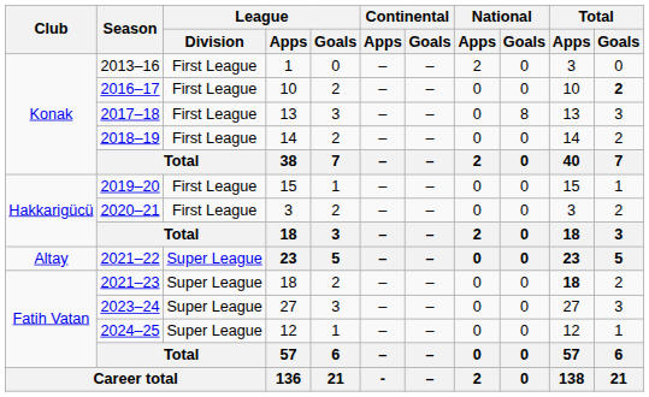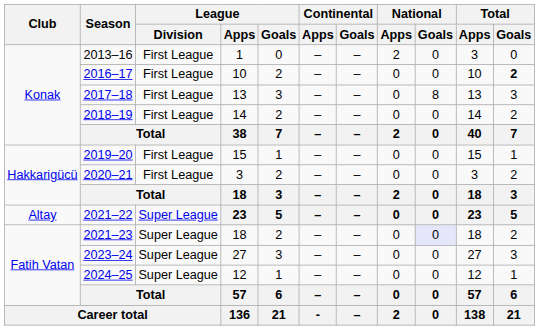 <table class="wikitable" style="text-align: center;">
 <tr>
 <th rowspan=2>Club</th>
 <th rowspan=2>Season</th>
 <th colspan=3>League</th>
 <th colspan=2>Continental</th>
 <th colspan=2>National</th>
 <th colspan=2>Total</th>
 </tr>
 <tr>
 <th>Division</th>
 <th>Apps</th>
 <th>Goals</th>
 <th>Apps</th>
 <th>Goals</th>
 <th>Apps</th>
 <th>Goals</th>
 <th>Apps</th>
 <th>Goals</th>
 </tr>
 <tr>
 <td rowspan=5><a href='#'>Konak</a></td>
 <td>2013–16</td>
 <td>First League</td>
 <td>1</td>
 <td>0</td>
 <td>–</td>
 <td>–</td>
 <td>2</td>
 <td>0</td>
 <td>3</td>
 <td>0</td>
 </tr>
 <tr>
 <td><a href='#'>2016–17</a></td>
 <td>First League</td>
 <td>10</td>
 <td>2</td>
 <td>–</td>
 <td>–</td>
 <td>0</td>
 <td>0</td>
 <td>10</td>
 <td><strong>2</strong></td>
 </tr>
 <tr>
 <td><a href='#'>2017–18</a></td>
 <td>First League</td>
 <td>13</td>
 <td>3</td>
 <td>–</td>
 <td>–</td>
 <td>0</td>
 <td>8</td>
 <td>13</td>
 <td>3</td>
 </tr>
 <tr>
 <td><a href='#'>2018–19</a></td>
 <td>First League</td>
 <td>14</td>
 <td>2</td>
 <td>–</td>
 <td>–</td>
 <td>0</td>
 <td>0</td>
 <td>14</td>
 <td>2</td>
 </tr>
 <tr>
 <th colspan=2>Total</th>
 <th>38</th>
 <th>7</th>
 <th>–</th>
 <th>–</th>
 <th>2</th>
 <th>0</th>
 <th>40</th>
 <th>7</th>
 </tr>
 <tr>
 <td rowspan=3><a href='#'>Hakkarigücü</a></td>
 <td><a href='#'>2019–20</a></td>
 <td>First League</td>
 <td>15</td>
 <td>1</td>
 <td>–</td>
 <td>–</td>
 <td>0</td>
 <td>0</td>
 <td>15</td>
 <td>1</td>
 </tr>
 <tr>
 <td><a href='#'>2020–21</a></td>
 <td>First League</td>
 <td>3</td>
 <td>2</td>
 <td>–</td>
 <td>–</td>
 <td>0</td>
 <td>0</td>
 <td>3</td>
 <td>2</td>
 </tr>
 <tr>
 <th colspan=2>Total</th>
 <th>18</th>
 <th>3</th>
 <th>–</th>
 <th>–</th>
 <th>2</th>
 <th>0</th>
 <th>18</th>
 <th>3</th>
 </tr>
 <tr>
 <td><a href='#'>Altay</a></td>
 <td><a href='#'>2021–22</a></td>
 <td><a href='#'>Super League</a></td>
 <th>23</th>
 <th>5</th>
 <th>–</th>
 <th>–</th>
 <th>0</th>
 <th>0</th>
 <th>23</th>
 <th>5</th>
 </tr>
 <tr>
 <td rowspan=4><a href='#'>Fatih Vatan</a></td>
 <td><a href='#'>2021–23</a></td>
 <td>Super League</td>
 <td>18</td>
 <td>2</td>
 <td>–</td>
 <td>–</td>
 <td>0</td>
-<td>0</td>
-<td><strong>18</strong></td>
+<td style="background: lavender;">0</td>
+<td>18</td>
 <td>2</td>
 </tr>
 <tr>
 <td><a href='#'>2023–24</a></td>
 <td>Super League</td>
 <td>27</td>
 <td>3</td>
 <td>–</td>
 <td>–</td>
 <td>0</td>
 <td>0</td>
 <td>27</td>
 <td>3</td>
 </tr>
 <tr>
 <td><a href='#'>2024–25</a></td>
 <td>Super League</td>
 <td>12</td>
 <td>1</td>
 <td>–</td>
 <td>–</td>
 <td>0</td>
 <td>0</td>
 <td>12</td>
 <td>1</td>
 </tr>
 <tr>
 <th colspan=2>Total</th>
 <th>57</th>
 <th>6</th>
 <th>–</th>
 <th>–</th>
 <th>0</th>
 <th>0</th>
 <th>57</th>
 <th>6</th>
 </tr>
 <tr>
 <th colspan=3>Career total</th>
 <th>136</th>
 <th>21</th>
 <th>-</th>
 <th>–</th>
 <th>2</th>
 <th>0</th>
 <th>138</th>
 <th>21</th>
 </tr>
 </table>
